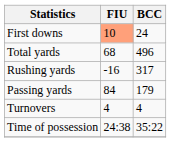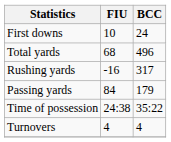 <table class="wikitable" style="float: left;">
 <tr>
 <th>Statistics</th>
 <th>FIU</th>
 <th>BCC</th>
 </tr>
 <tr>
 <td>First downs</td>
-<td style="background: lightsalmon;">10</td>
+<td>10</td>
 <td>24</td>
 </tr>
 <tr>
 <td>Total yards</td>
 <td>68</td>
 <td>496</td>
 </tr>
 <tr>
 <td>Rushing yards</td>
 <td>-16</td>
 <td>317</td>
 </tr>
 <tr>
 <td>Passing yards</td>
 <td>84</td>
 <td>179</td>
 </tr>
 <tr>
+<td>Time of possession</td>
+<td>24:38</td>
+<td>35:22</td>
+</tr>
+<tr>
 <td>Turnovers</td>
 <td>4</td>
 <td>4</td>
 </tr>
 <tr>
-<td>Time of possession</td>
-<td>24:38</td>
-<td>35:22</td>
-</tr>
-<tr>
 </tr>
 </table>
